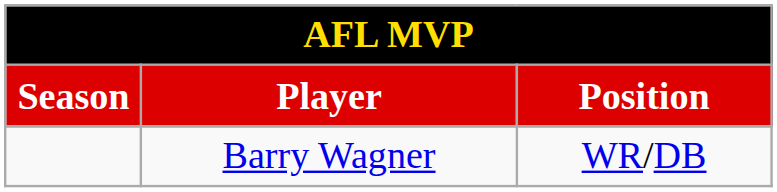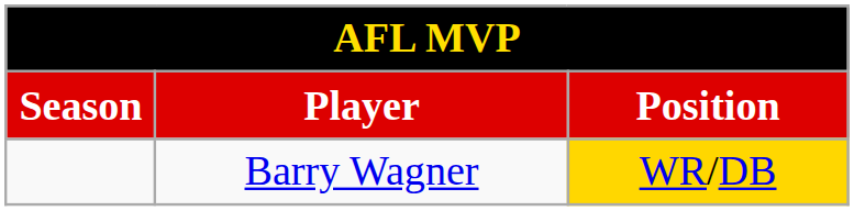 <table class="wikitable sortable" style="text-align:center">
 <tr>
 <td colspan="4" style="background:black; color:#FFDF00;"><strong>AFL MVP</strong></td>
 </tr>
 <tr>
 <th style="width:50px; background:#d00; color:white;">Season</th>
 <th style="width:150px; background:#d00; color:white;">Player</th>
 <th style="width:100px; background:#d00; color:white;">Position</th>
 </tr>
 <tr>
 <td></td>
 <td><a href='#'>Barry Wagner</a></td>
-<td><a href='#'>WR</a>/<a href='#'>DB</a></td>
+<td style="background: gold;"><a href='#'>WR</a>/<a href='#'>DB</a></td>
 </tr>
 </table>
